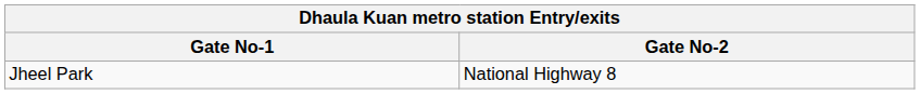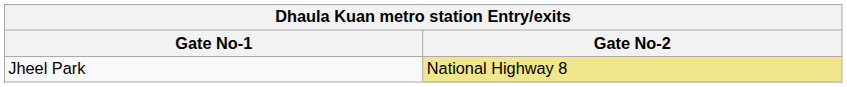 <table class="wikitable" center;" width="65%">
 <tr>
 <th align="center" colspan="5" style="background:#"><span>Dhaula Kuan metro station Entry/exits</span></th>
 </tr>
 <tr>
 <th style="width:15%;">Gate No-1 </th>
 <th style="width:15%;">Gate No-2 </th>
 </tr>
 <tr>
 <td>Jheel Park</td>
-<td>National Highway 8</td>
+<td style="background: khaki;">National Highway 8</td>
 </tr>
 </table>
